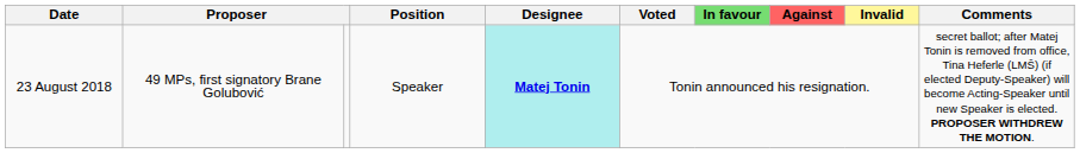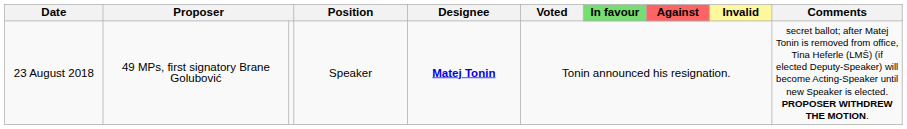 <table class="wikitable" style="line-height:16px; text-align: center;">
 <tr>
 <th style="width:130px;">Date</th>
 <th colspan="2" style="width:250px;">Proposer</th>
 <th style="width:150px;">Position</th>
 <th style="width:150px;">Designee</th>
 <th style="width:80px;">Voted</th>
 <th style="width:80px; background:#76dd71">In favour</th>
 <th style="width:80px; background:#ff6363">Against</th>
 <th style="width:80px; background:#fff79b">Invalid</th>
 <th>Comments</th>
 </tr>
 <tr>
 <td>23 August 2018</td>
 <td style="width:250px;">49 MPs, first signatory Brane Golubović</td>
 <td><br></td>
 <td>Speaker</td>
-<td style="background: paleturquoise;"><strong><a href='#'>Matej Tonin</a></strong></td>
+<td><strong><a href='#'>Matej Tonin</a></strong></td>
 <td colspan="4">Tonin announced his resignation.</td>
 <td><small>secret ballot; after Matej Tonin is removed from office, Tina Heferle (LMŠ) (if elected Deputy-Speaker) will become Acting-Speaker until new Speaker is elected.<br><strong>PROPOSER WITHDREW THE MOTION</strong>.</small></td>
 </tr>
 </table>
